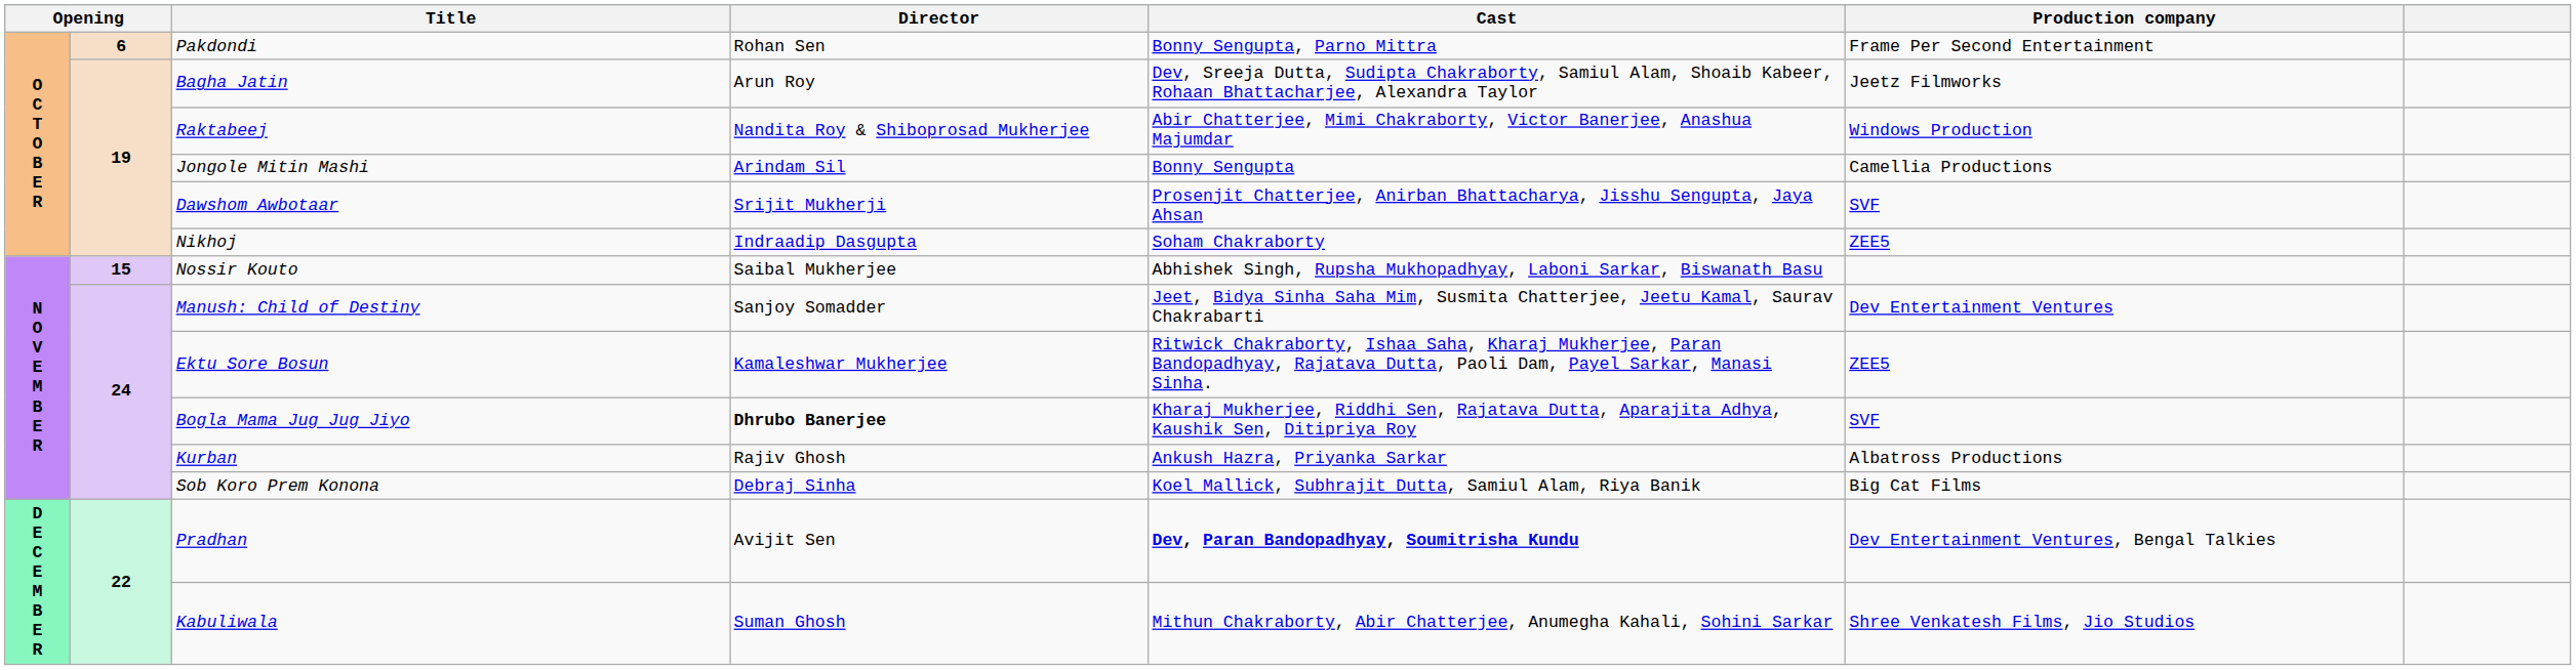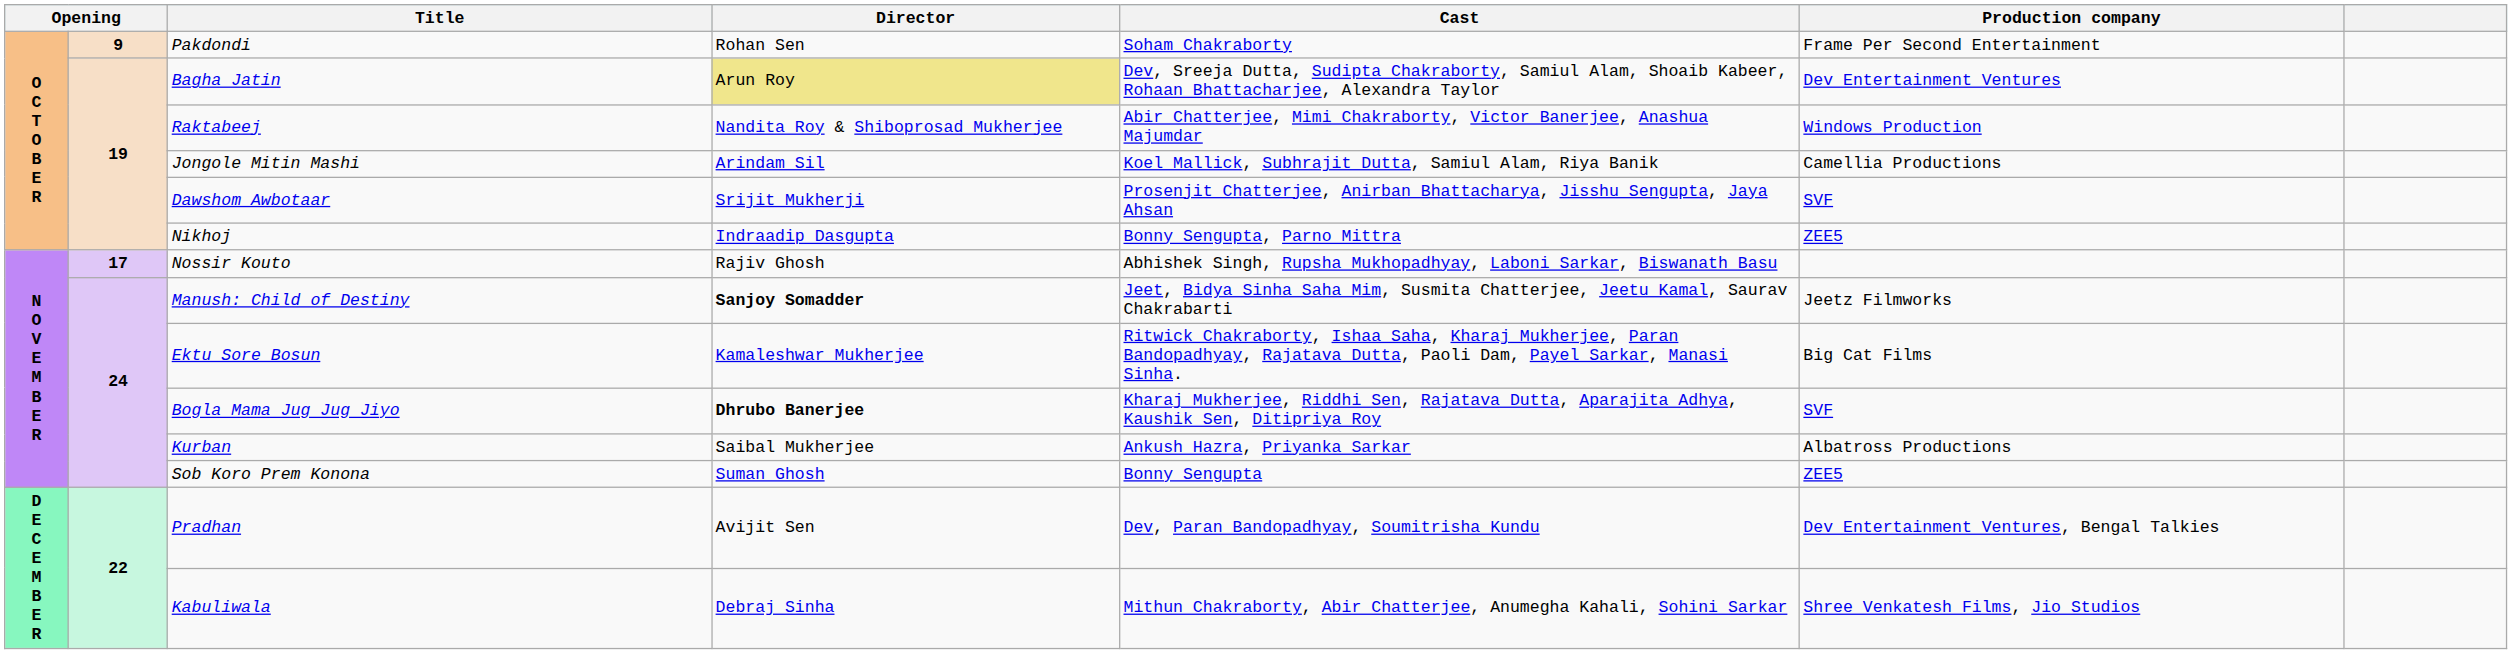 <table class="wikitable sortable">
 <tr style="background:#b0e0e6; text-align:center;">
 <th colspan="2" style="width:6%;">Opening</th>
 <th style="width:20%;">Title</th>
 <th style="width:15%;">Director</th>
 <th style="width:25%;">Cast</th>
 <th style="width:20%;">Production company</th>
 <th style="width:6%;"></th>
 </tr>
 <tr>
 <th rowspan="6" style="text-align:center; background:#f7bf87; text color:#000;">O<br>C<br>T<br>O<br>B<br>E<br>R</th>
-<td rowspan="1" style="text-align:center; background:#f7dfc7"><strong>6</strong></td>
+<td rowspan="1" style="text-align:center; background:#f7dfc7"><strong>9</strong></td>
 <td><em>Pakdondi</em></td>
 <td>Rohan Sen</td>
-<td><a href='#'>Bonny Sengupta</a>, <a href='#'>Parno Mittra</a></td>
+<td><a href='#'>Soham Chakraborty</a></td>
 <td>Frame Per Second Entertainment</td>
 <td></td>
 </tr>
 <tr>
 <td rowspan="5" style="text-align:center; background:#f7dfc7"><strong>19</strong></td>
 <td><em><a href='#'>Bagha Jatin</a></em></td>
-<td>Arun Roy</td>
+<td style="background: khaki;">Arun Roy</td>
 <td><a href='#'>Dev</a>, Sreeja Dutta, <a href='#'>Sudipta Chakraborty</a>, Samiul Alam, Shoaib Kabeer, <a href='#'>Rohaan Bhattacharjee</a>, Alexandra Taylor</td>
-<td>Jeetz Filmworks</td>
+<td><a href='#'>Dev Entertainment Ventures</a></td>
 <td></td>
 </tr>
 <tr>
 <td><em><a href='#'>Raktabeej</a></em></td>
 <td><a href='#'>Nandita Roy</a> & <a href='#'>Shiboprosad Mukherjee</a></td>
 <td><a href='#'>Abir Chatterjee</a>, <a href='#'>Mimi Chakraborty</a>, <a href='#'>Victor Banerjee</a>, <a href='#'>Anashua Majumdar</a></td>
 <td><a href='#'>Windows Production</a></td>
 <td></td>
 </tr>
 <tr>
 <td><em>Jongole Mitin Mashi</em></td>
 <td><a href='#'>Arindam Sil</a></td>
-<td><a href='#'>Bonny Sengupta</a></td>
+<td><a href='#'>Koel Mallick</a>, <a href='#'>Subhrajit Dutta</a>, Samiul Alam, Riya Banik</td>
 <td>Camellia Productions</td>
 <td></td>
 </tr>
 <tr>
 <td><em><a href='#'>Dawshom Awbotaar</a></em></td>
 <td><a href='#'>Srijit Mukherji</a></td>
 <td><a href='#'>Prosenjit Chatterjee</a>, <a href='#'>Anirban Bhattacharya</a>, <a href='#'>Jisshu Sengupta</a>, <a href='#'>Jaya Ahsan</a></td>
 <td><a href='#'>SVF</a></td>
 <td></td>
 </tr>
 <tr>
 <td><em>Nikhoj</em></td>
 <td><a href='#'>Indraadip Dasgupta</a></td>
-<td><a href='#'>Soham Chakraborty</a></td>
+<td><a href='#'>Bonny Sengupta</a>, <a href='#'>Parno Mittra</a></td>
 <td><a href='#'>ZEE5</a></td>
 <td></td>
 </tr>
 <tr>
 <th rowspan="6" style="text-align:center; background:#bf87f7">N<br>O<br>V<br>E<br>M<br>B<br>E<br>R</th>
-<td style="text-align:center; background:#dfc7f7"><strong>15</strong></td>
+<td style="text-align:center; background:#dfc7f7"><strong>17</strong></td>
 <td><em>Nossir Kouto</em></td>
-<td>Saibal Mukherjee</td>
+<td>Rajiv Ghosh</td>
 <td>Abhishek Singh, <a href='#'>Rupsha Mukhopadhyay</a>, <a href='#'>Laboni Sarkar</a>, <a href='#'>Biswanath Basu</a></td>
 <td></td>
 <td></td>
 </tr>
 <tr>
 <td rowspan="5" style="text-align:center; background:#dfc7f7"><strong>24</strong></td>
 <td><em><a href='#'>Manush: Child of Destiny</a></em></td>
-<td>Sanjoy Somadder</td>
+<td><strong>Sanjoy Somadder</strong></td>
 <td><a href='#'>Jeet</a>, <a href='#'>Bidya Sinha Saha Mim</a>, Susmita Chatterjee, <a href='#'>Jeetu Kamal</a>, Saurav Chakrabarti</td>
-<td><a href='#'>Dev Entertainment Ventures</a></td>
+<td>Jeetz Filmworks</td>
 <td></td>
 </tr>
 <tr>
 <td><em><a href='#'>Ektu Sore Bosun</a>   </em></td>
 <td><a href='#'>Kamaleshwar Mukherjee</a></td>
 <td><a href='#'>Ritwick Chakraborty</a>, <a href='#'>Ishaa Saha</a>, <a href='#'>Kharaj Mukherjee</a>, <a href='#'>Paran Bandopadhyay</a>, <a href='#'>Rajatava Dutta</a>,  Paoli Dam, <a href='#'>Payel Sarkar</a>, <a href='#'>Manasi Sinha</a>.</td>
-<td><a href='#'>ZEE5</a></td>
+<td>Big Cat Films</td>
 <td></td>
 </tr>
 <tr>
 <td><em><a href='#'>Bogla Mama Jug Jug Jiyo</a></em></td>
 <td><strong>Dhrubo Banerjee</strong></td>
 <td><a href='#'>Kharaj Mukherjee</a>, <a href='#'>Riddhi Sen</a>, <a href='#'>Rajatava Dutta</a>, <a href='#'>Aparajita Adhya</a>, <a href='#'>Kaushik Sen</a>, <a href='#'>Ditipriya Roy</a></td>
 <td><a href='#'>SVF</a></td>
 <td></td>
 </tr>
 <tr>
 <td><em><a href='#'>Kurban</a></em></td>
-<td>Rajiv Ghosh</td>
+<td>Saibal Mukherjee</td>
 <td><a href='#'>Ankush Hazra</a>, <a href='#'>Priyanka Sarkar</a></td>
 <td>Albatross Productions</td>
 <td></td>
 </tr>
 <tr>
 <td><em>Sob Koro Prem Konona</em></td>
-<td><a href='#'>Debraj Sinha</a></td>
-<td><a href='#'>Koel Mallick</a>, <a href='#'>Subhrajit Dutta</a>, Samiul Alam, Riya Banik</td>
-<td>Big Cat Films</td>
+<td><a href='#'>Suman Ghosh</a></td>
+<td><a href='#'>Bonny Sengupta</a></td>
+<td><a href='#'>ZEE5</a></td>
 <td></td>
 </tr>
 <tr>
 <th rowspan="4" style="text-align:center; background:#87f7bf">D<br>E<br>C<br>E<br>M<br>B<br>E<br>R</th>
 <td rowspan="2" style="text-align:center; background:#c7f7df"><strong>22</strong></td>
 <td><em><a href='#'>Pradhan</a></em></td>
 <td>Avijit Sen</td>
-<td><strong><a href='#'>Dev</a>, <a href='#'>Paran Bandopadhyay</a>, <a href='#'>Soumitrisha Kundu</a></strong></td>
+<td><a href='#'>Dev</a>, <a href='#'>Paran Bandopadhyay</a>, <a href='#'>Soumitrisha Kundu</a></td>
 <td><a href='#'>Dev Entertainment Ventures</a>, Bengal Talkies</td>
 <td></td>
 </tr>
 <tr>
 <td><em><a href='#'>Kabuliwala</a></em></td>
-<td><a href='#'>Suman Ghosh</a></td>
+<td><a href='#'>Debraj Sinha</a></td>
 <td><a href='#'>Mithun Chakraborty</a>, <a href='#'>Abir Chatterjee</a>, Anumegha Kahali, <a href='#'>Sohini Sarkar</a></td>
 <td><a href='#'>Shree Venkatesh Films</a>, <a href='#'>Jio Studios</a></td>
 <td></td>
 </tr>
 </table>
